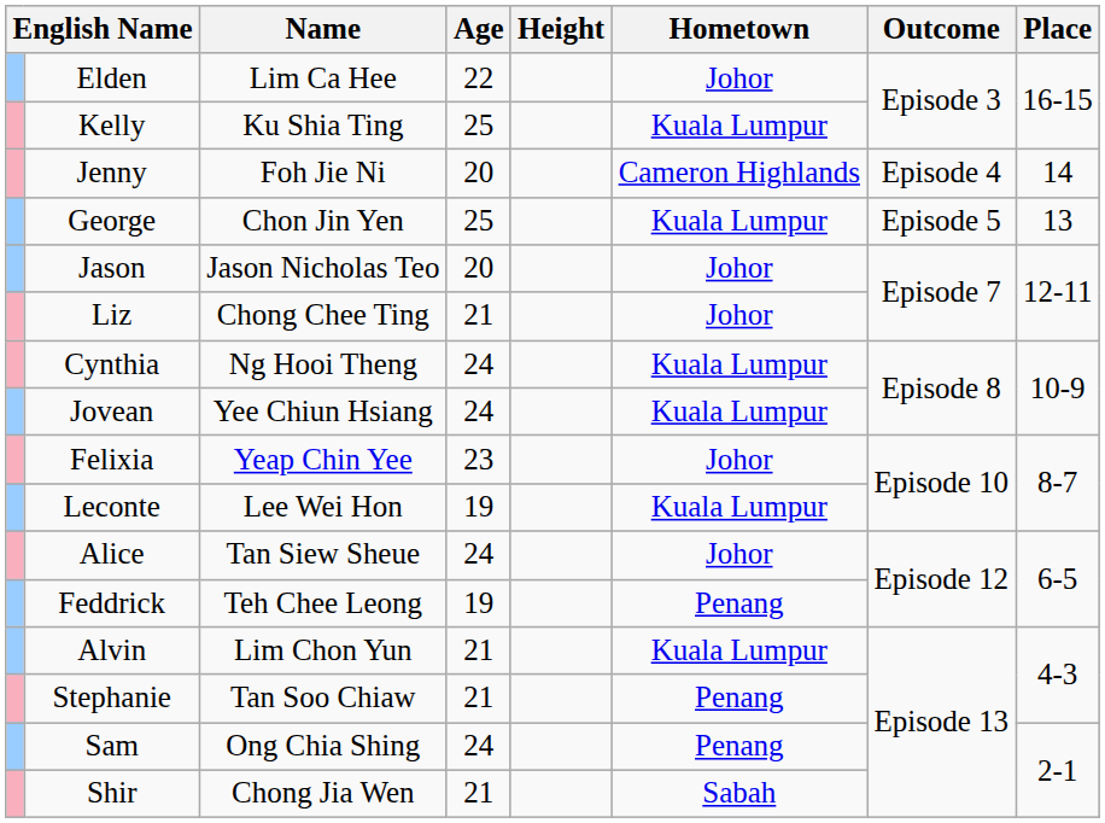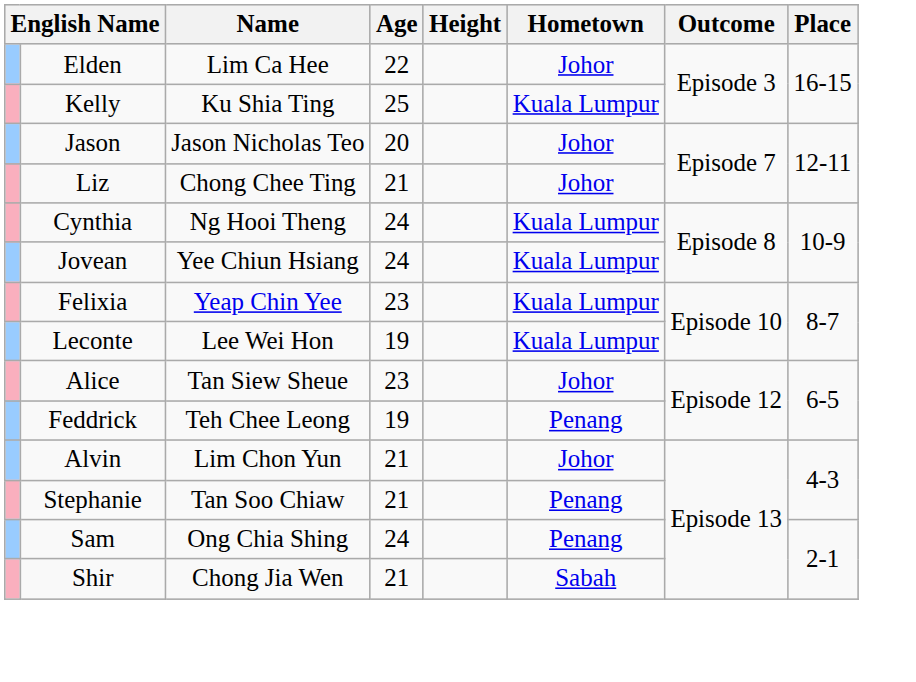 <table class="wikitable sortable" style="text-align:center;">
 <tr>
 <th colspan="2">English Name</th>
 <th>Name</th>
 <th>Age</th>
 <th>Height</th>
 <th>Hometown</th>
 <th>Outcome</th>
 <th>Place</th>
 </tr>
 <tr>
 <td style="background:#9cf;"></td>
 <td>Elden</td>
 <td>Lim Ca Hee</td>
 <td>22</td>
 <td></td>
 <td><a href='#'>Johor</a></td>
 <td rowspan=2>Episode 3</td>
 <td rowspan=2>16-15</td>
 </tr>
 <tr>
 <td style="background:#faafbe"></td>
 <td>Kelly</td>
 <td>Ku Shia Ting</td>
 <td>25</td>
 <td></td>
 <td><a href='#'>Kuala Lumpur</a></td>
-</tr>
-<tr>
-<td style="background:#faafbe"></td>
-<td>Jenny</td>
-<td>Foh Jie Ni</td>
-<td>20</td>
-<td></td>
-<td><a href='#'>Cameron Highlands</a></td>
-<td>Episode 4</td>
-<td>14</td>
-</tr>
-<tr>
-<td style="background:#9cf;"></td>
-<td>George</td>
-<td>Chon Jin Yen</td>
-<td>25</td>
-<td></td>
-<td><a href='#'>Kuala Lumpur</a></td>
-<td>Episode 5</td>
-<td>13</td>
 </tr>
 <tr>
 <td style="background:#9cf;"></td>
 <td>Jason</td>
 <td>Jason Nicholas Teo</td>
 <td>20</td>
 <td></td>
 <td><a href='#'>Johor</a></td>
 <td rowspan=2>Episode 7</td>
 <td rowspan=2>12-11</td>
 </tr>
 <tr>
 <td style="background:#faafbe"></td>
 <td>Liz</td>
 <td>Chong Chee Ting</td>
 <td>21</td>
 <td></td>
 <td><a href='#'>Johor</a></td>
 </tr>
 <tr>
 <td style="background:#faafbe"></td>
 <td>Cynthia</td>
 <td>Ng Hooi Theng</td>
 <td>24</td>
 <td></td>
 <td><a href='#'>Kuala Lumpur</a></td>
 <td rowspan=2>Episode 8</td>
 <td rowspan=2>10-9</td>
 </tr>
 <tr>
 <td style="background:#9cf;"></td>
 <td>Jovean</td>
 <td>Yee Chiun Hsiang</td>
 <td>24</td>
 <td></td>
 <td><a href='#'>Kuala Lumpur</a></td>
 </tr>
 <tr>
 <td style="background:#faafbe"></td>
 <td>Felixia</td>
 <td><a href='#'>Yeap Chin Yee</a></td>
 <td>23</td>
 <td></td>
-<td><a href='#'>Johor</a></td>
+<td><a href='#'>Kuala Lumpur</a></td>
 <td rowspan=2>Episode 10</td>
 <td rowspan=2>8-7</td>
 </tr>
 <tr>
 <td style="background:#9cf;"></td>
 <td>Leconte</td>
 <td>Lee Wei Hon</td>
 <td>19</td>
 <td></td>
 <td><a href='#'>Kuala Lumpur</a></td>
 </tr>
 <tr>
 <td style="background:#faafbe"></td>
 <td>Alice</td>
 <td>Tan Siew Sheue</td>
-<td>24</td>
+<td>23</td>
 <td></td>
 <td><a href='#'>Johor</a></td>
 <td rowspan=2>Episode 12</td>
 <td rowspan=2>6-5</td>
 </tr>
 <tr>
 <td style="background:#9cf;"></td>
 <td>Feddrick</td>
 <td>Teh Chee Leong</td>
 <td>19</td>
 <td></td>
 <td><a href='#'>Penang</a></td>
 </tr>
 <tr>
 <td style="background:#9cf;"></td>
 <td>Alvin</td>
 <td>Lim Chon Yun</td>
 <td>21</td>
 <td></td>
-<td><a href='#'>Kuala Lumpur</a></td>
+<td><a href='#'>Johor</a></td>
 <td rowspan=4>Episode 13</td>
 <td rowspan=2>4-3</td>
 </tr>
 <tr>
 <td style="background:#faafbe"></td>
 <td>Stephanie</td>
 <td>Tan Soo Chiaw</td>
 <td>21</td>
 <td></td>
 <td><a href='#'>Penang</a></td>
 </tr>
 <tr>
 <td style="background:#9cf;"></td>
 <td>Sam</td>
 <td>Ong Chia Shing</td>
 <td>24</td>
 <td></td>
 <td><a href='#'>Penang</a></td>
 <td rowspan=2>2-1</td>
 </tr>
 <tr>
 <td style="background:#faafbe"></td>
 <td>Shir</td>
 <td>Chong Jia Wen</td>
 <td>21</td>
 <td></td>
 <td><a href='#'>Sabah</a></td>
 </tr>
 </table>
